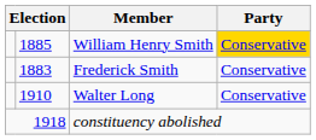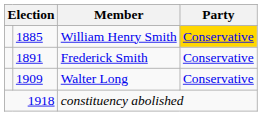 <table class="wikitable">
 <tr>
 <th colspan="2">Election</th>
 <th>Member</th>
 <th>Party</th>
 </tr>
 <tr>
 <td style="color:inherit;background-color: "></td>
 <td><a href='#'>1885</a></td>
 <td><a href='#'>William Henry Smith</a></td>
 <td style="background: gold;"><a href='#'>Conservative</a></td>
 </tr>
 <tr>
 <td style="color:inherit;background-color: "></td>
-<td><a href='#'>1883</a></td>
+<td><a href='#'>1891</a></td>
 <td><a href='#'>Frederick Smith</a></td>
 <td><a href='#'>Conservative</a></td>
 </tr>
 <tr>
 <td style="color:inherit;background-color: "></td>
-<td><a href='#'>1910</a></td>
+<td><a href='#'>1909</a></td>
 <td><a href='#'>Walter Long</a></td>
 <td><a href='#'>Conservative</a></td>
 </tr>
 <tr>
 <td colspan="2" align="right"><a href='#'>1918</a></td>
 <td colspan="2"><em>constituency abolished</em></td>
 </tr>
 </table>
